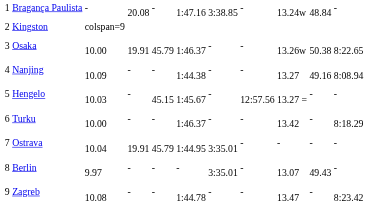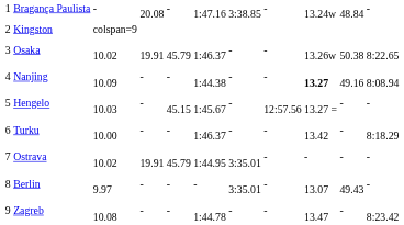 <table>
 <tr>
 <td>1</td>
 <td align=left><a href='#'>Bragança Paulista</a></td>
 <td>-</td>
 <td><br>20.08 </td>
 <td>-</td>
 <td><br>1:47.16 </td>
 <td><br>3:38.85 </td>
 <td>-</td>
 <td><br>13.24w</td>
 <td><br>48.84 </td>
 <td>-</td>
 </tr>
 <tr>
 <td>2</td>
 <td align=left><a href='#'>Kingston</a></td>
 <td>colspan=9 </td>
 </tr>
 <tr>
 <td>3</td>
 <td align=left><a href='#'>Osaka</a></td>
-<td><br>10.00 </td>
+<td><br>10.02 </td>
 <td><br>19.91 </td>
 <td><br>45.79</td>
 <td><br>1:46.37</td>
 <td>-</td>
 <td>-</td>
 <td><br>13.26w</td>
 <td><br>50.38</td>
 <td><br>8:22.65 </td>
 </tr>
 <tr>
 <td>4</td>
 <td align=left><a href='#'>Nanjing</a></td>
 <td><br>10.09 </td>
 <td>-</td>
 <td>-</td>
 <td><br>1:44.38</td>
 <td>-</td>
 <td>-</td>
-<td><br>13.27 </td>
+<td><strong><br>13.27 </strong></td>
 <td><br>49.16 </td>
 <td><br>8:08.94 </td>
 </tr>
 <tr>
 <td>5</td>
 <td align=left><a href='#'>Hengelo</a></td>
 <td><br>10.03</td>
 <td>-</td>
 <td><br>45.15 </td>
 <td><br>1:45.67</td>
 <td>-</td>
 <td><br>12:57.56</td>
 <td><br>13.27 =</td>
 <td>-</td>
 <td>-</td>
 </tr>
 <tr>
 <td>6</td>
 <td align=left><a href='#'>Turku</a></td>
 <td><br>10.00 </td>
 <td>-</td>
 <td>-</td>
 <td><br>1:46.37</td>
 <td>-</td>
 <td>-</td>
 <td><br>13.42</td>
 <td>-</td>
 <td><br>8:18.29</td>
 </tr>
 <tr>
 <td>7</td>
 <td align=left><a href='#'>Ostrava</a></td>
-<td><br>10.04</td>
+<td><br>10.02</td>
 <td><br>19.91 </td>
 <td><br>45.79</td>
 <td><br>1:44.95 </td>
 <td><br>3:35.01 </td>
 <td>-</td>
 <td>-</td>
 <td>-</td>
 <td>-</td>
 </tr>
 <tr>
 <td>8</td>
 <td align=left><a href='#'>Berlin</a></td>
 <td><br>9.97 </td>
 <td>-</td>
 <td>-</td>
 <td>-</td>
 <td><br>3:35.01 </td>
 <td>-</td>
 <td><br>13.07 </td>
 <td><br>49.43</td>
 <td>-</td>
 </tr>
 <tr>
 <td>9</td>
 <td align=left><a href='#'>Zagreb</a></td>
 <td><br>10.08</td>
 <td>-</td>
 <td>-</td>
 <td><br>1:44.78</td>
 <td>-</td>
 <td>-</td>
 <td><br>13.47</td>
 <td>-</td>
 <td><br>8:23.42</td>
 </tr>
 <tr>
 </tr>
 </table>
